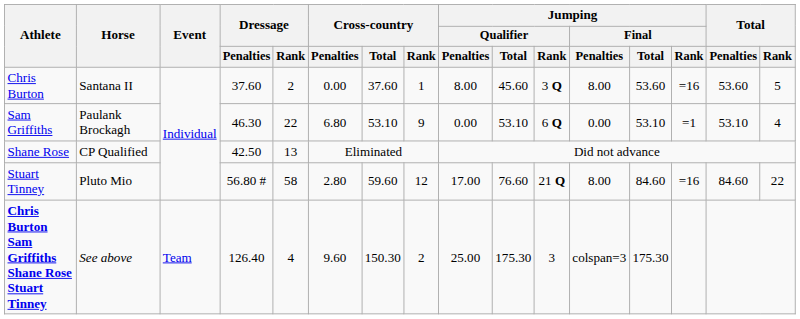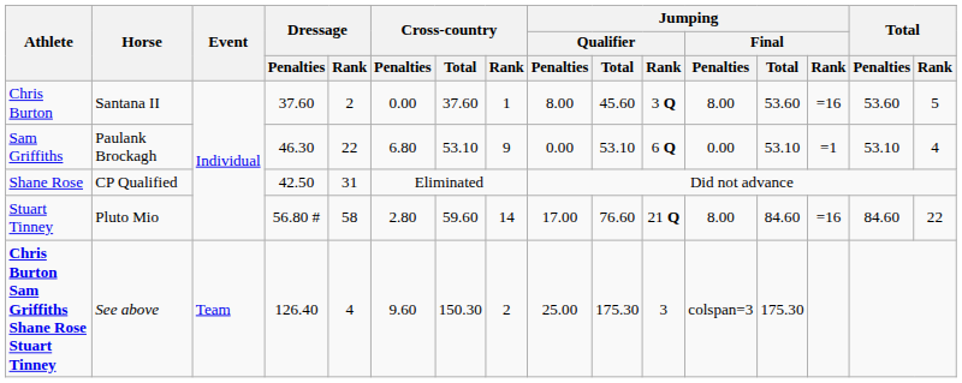 <table class=wikitable style="font-size:90%">
 <tr>
 <th rowspan="3">Athlete</th>
 <th rowspan="3">Horse</th>
 <th rowspan="3">Event</th>
 <th colspan="2" rowspan="2">Dressage</th>
 <th colspan="3" rowspan="2">Cross-country</th>
 <th colspan="6">Jumping</th>
 <th colspan="2" rowspan="2">Total</th>
 </tr>
 <tr style="font-size:95%">
 <th colspan="3">Qualifier</th>
 <th colspan="3">Final</th>
 </tr>
 <tr style="font-size:95%">
 <th>Penalties</th>
 <th>Rank</th>
 <th>Penalties</th>
 <th>Total</th>
 <th>Rank</th>
 <th>Penalties</th>
 <th>Total</th>
 <th>Rank</th>
 <th>Penalties</th>
 <th>Total</th>
 <th>Rank</th>
 <th>Penalties</th>
 <th>Rank</th>
 </tr>
 <tr align=center>
 <td align=left><a href='#'>Chris Burton</a></td>
 <td align=left>Santana II</td>
 <td align=left rowspan=4><a href='#'>Individual</a></td>
 <td>37.60</td>
 <td>2</td>
 <td>0.00</td>
 <td>37.60</td>
 <td>1</td>
 <td>8.00</td>
 <td>45.60</td>
 <td>3 <strong>Q</strong></td>
 <td>8.00</td>
 <td>53.60</td>
 <td>=16</td>
 <td>53.60</td>
 <td>5</td>
 </tr>
 <tr align=center>
 <td align=left><a href='#'>Sam Griffiths</a></td>
 <td align=left>Paulank Brockagh</td>
 <td>46.30</td>
 <td>22</td>
 <td>6.80</td>
 <td>53.10</td>
 <td>9</td>
 <td>0.00</td>
 <td>53.10</td>
 <td>6 <strong>Q</strong></td>
 <td>0.00</td>
 <td>53.10</td>
 <td>=1</td>
 <td>53.10</td>
 <td>4</td>
 </tr>
 <tr align=center>
 <td align=left><a href='#'>Shane Rose</a></td>
 <td align=left>CP Qualified</td>
 <td>42.50</td>
-<td>13</td>
+<td>31</td>
 <td colspan=3>Eliminated</td>
 <td colspan=8>Did not advance</td>
 </tr>
 <tr align=center>
 <td align=left><a href='#'>Stuart Tinney</a></td>
 <td align=left>Pluto Mio</td>
 <td>56.80 #</td>
 <td>58</td>
 <td>2.80</td>
 <td>59.60</td>
-<td>12</td>
+<td>14</td>
 <td>17.00</td>
 <td>76.60</td>
 <td>21 <strong>Q</strong></td>
 <td>8.00</td>
 <td>84.60</td>
 <td>=16</td>
 <td>84.60</td>
 <td>22</td>
 </tr>
 <tr align=center>
 <td align=left><strong><a href='#'>Chris Burton</a><br><a href='#'>Sam Griffiths</a><br><a href='#'>Shane Rose</a><br><a href='#'>Stuart Tinney</a></strong></td>
 <td align=left><em>See above</em></td>
 <td align=left><a href='#'>Team</a></td>
 <td>126.40</td>
 <td>4</td>
 <td>9.60</td>
 <td>150.30</td>
 <td>2</td>
 <td>25.00</td>
 <td>175.30</td>
 <td>3</td>
 <td>colspan=3 </td>
 <td>175.30</td>
 <td></td>
 </tr>
 </table>
